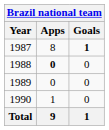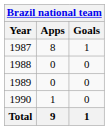 <table class="wikitable" style="text-align:center">
 <tr>
 <th colspan=3><a href='#'>Brazil national team</a></th>
 </tr>
 <tr>
 <th>Year</th>
 <th>Apps</th>
 <th>Goals</th>
 </tr>
 <tr>
 <td>1987</td>
 <td>8</td>
-<td><strong>1</strong></td>
+<td>1</td>
 </tr>
 <tr>
 <td>1988</td>
-<td><strong>0</strong></td>
+<td>0</td>
 <td>0</td>
 </tr>
 <tr>
 <td>1989</td>
 <td>0</td>
 <td>0</td>
 </tr>
 <tr>
 <td>1990</td>
 <td>1</td>
 <td>0</td>
 </tr>
 <tr>
 <th>Total</th>
 <th>9</th>
 <th>1</th>
 </tr>
 </table>
